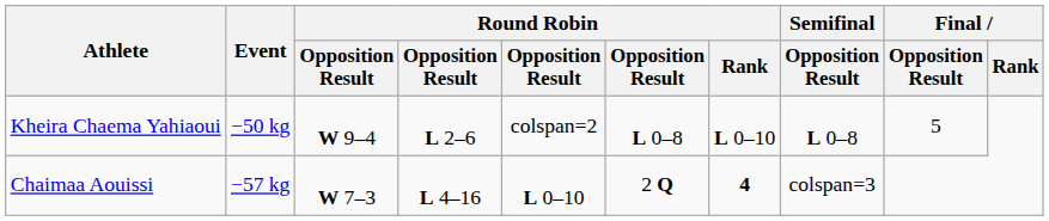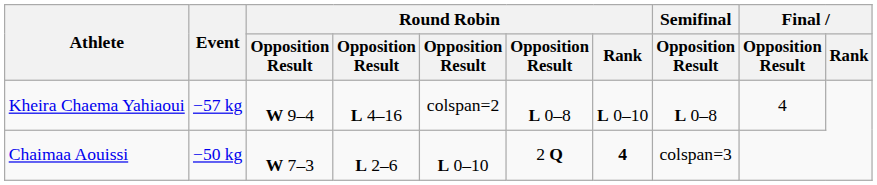 <table class="wikitable" style="font-size:90%">
 <tr>
 <th rowspan="2">Athlete</th>
 <th rowspan="2">Event</th>
 <th colspan="5">Round Robin</th>
 <th>Semifinal</th>
 <th colspan=2>Final / </th>
 </tr>
 <tr style="font-size: 95%">
 <th>Opposition<br>Result</th>
 <th>Opposition<br>Result</th>
 <th>Opposition<br>Result</th>
 <th>Opposition<br>Result</th>
 <th>Rank</th>
 <th>Opposition<br>Result</th>
 <th>Opposition<br>Result</th>
 <th>Rank</th>
 </tr>
 <tr align=center>
 <td align=left><a href='#'>Kheira Chaema Yahiaoui</a></td>
-<td align=left><a href='#'>−50 kg</a></td>
+<td align=left><a href='#'>−57 kg</a></td>
 <td><br><strong>W</strong> 9–4</td>
-<td><br><strong>L</strong> 2–6</td>
+<td><br><strong>L</strong> 4–16</td>
 <td>colspan=2 </td>
 <td><br><strong>L</strong> 0–8</td>
 <td><br><strong>L</strong> 0–10</td>
 <td><br><strong>L</strong> 0–8</td>
-<td>5</td>
+<td>4</td>
 </tr>
 <tr align=center>
 <td align=left><a href='#'>Chaimaa Aouissi</a></td>
-<td align=left><a href='#'>−57 kg</a></td>
+<td align=left><a href='#'>−50 kg</a></td>
 <td><br><strong>W</strong> 7–3</td>
-<td><br><strong>L</strong> 4–16</td>
+<td><br><strong>L</strong> 2–6</td>
 <td><br><strong>L</strong> 0–10</td>
 <td>2 <strong>Q</strong></td>
 <td><strong>4</strong></td>
 <td>colspan=3 </td>
 </tr>
 </table>
